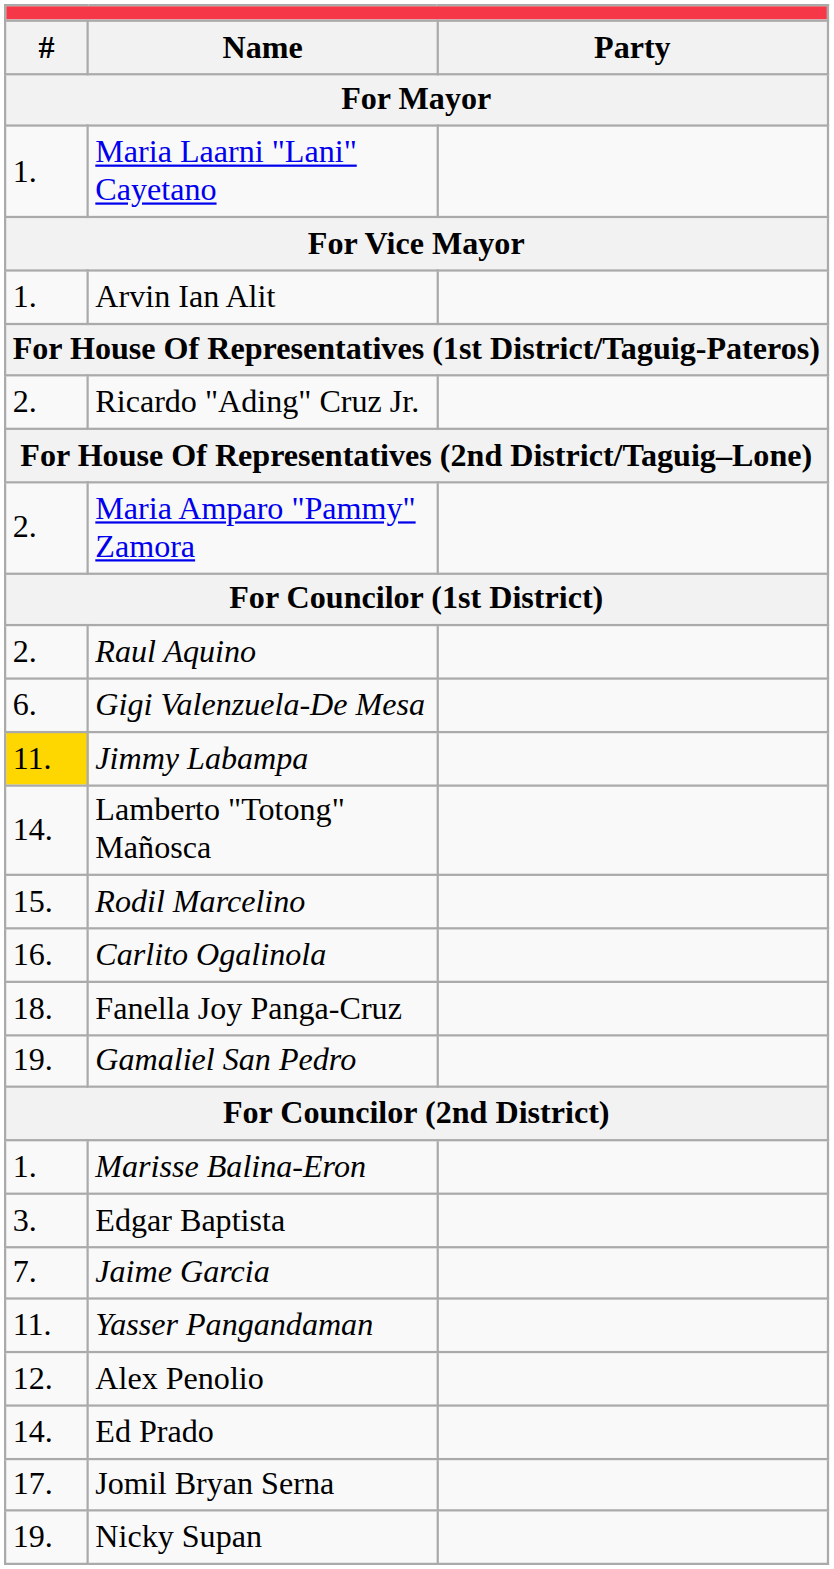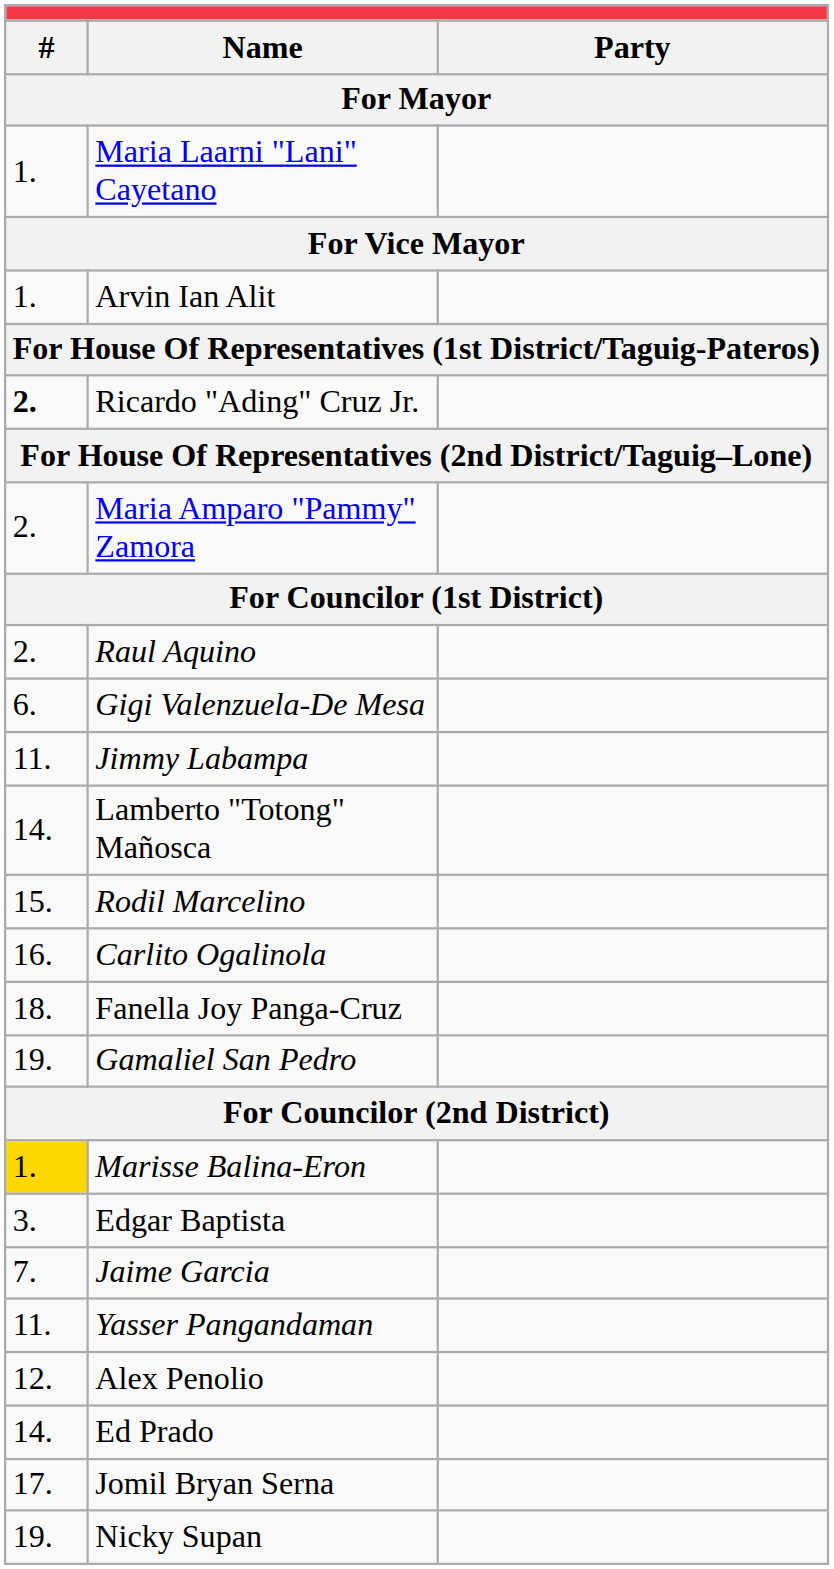 <table class=wikitable style="font-size:90%">
 <tr>
 <td colspan="4" bgcolor="#f63747"></td>
 </tr>
 <tr>
 <th>#</th>
 <th width=150px>Name</th>
 <th colspan=2 width=110px>Party</th>
 </tr>
 <tr>
 <th colspan="4">For Mayor</th>
 </tr>
 <tr>
 <td>1.</td>
 <td><a href='#'>Maria Laarni "Lani" Cayetano</a></td>
 <td></td>
 </tr>
 <tr>
 <th colspan="4">For Vice Mayor</th>
 </tr>
 <tr>
 <td>1.</td>
 <td>Arvin Ian Alit</td>
 <td></td>
 </tr>
 <tr>
 <th colspan="4">For House Of Representatives (1st District/Taguig-Pateros)</th>
 </tr>
 <tr>
-<td>2.</td>
+<td><strong>2.</strong></td>
 <td>Ricardo "Ading" Cruz Jr.</td>
 <td></td>
 </tr>
 <tr>
 <th colspan="4">For House Of Representatives (2nd District/Taguig–Lone)</th>
 </tr>
 <tr>
 <td>2.</td>
 <td><a href='#'>Maria Amparo "Pammy" Zamora</a></td>
 <td></td>
 </tr>
 <tr>
 <th colspan="4">For Councilor (1st District)</th>
 </tr>
 <tr>
 <td>2.</td>
 <td><em>Raul Aquino</em></td>
 <td></td>
 </tr>
 <tr>
 <td>6.</td>
 <td><em>Gigi Valenzuela-De Mesa</em></td>
 <td></td>
 </tr>
 <tr>
-<td style="background: gold;">11.</td>
+<td>11.</td>
 <td><em>Jimmy Labampa</em></td>
 <td></td>
 </tr>
 <tr>
 <td>14.</td>
 <td>Lamberto "Totong" Mañosca</td>
 <td></td>
 </tr>
 <tr>
 <td>15.</td>
 <td><em>Rodil Marcelino</em></td>
 <td></td>
 </tr>
 <tr>
 <td>16.</td>
 <td><em>Carlito Ogalinola</em></td>
 <td></td>
 </tr>
 <tr>
 <td>18.</td>
 <td>Fanella Joy Panga-Cruz</td>
 <td></td>
 </tr>
 <tr>
 <td>19.</td>
 <td><em>Gamaliel San Pedro</em></td>
 <td></td>
 </tr>
 <tr>
 <th colspan="4">For Councilor (2nd District)</th>
 </tr>
 <tr>
-<td>1.</td>
+<td style="background: gold;">1.</td>
 <td><em>Marisse Balina-Eron</em></td>
 <td></td>
 </tr>
 <tr>
 <td>3.</td>
 <td>Edgar Baptista</td>
 <td></td>
 </tr>
 <tr>
 <td>7.</td>
 <td><em>Jaime Garcia</em></td>
 <td></td>
 </tr>
 <tr>
 <td>11.</td>
 <td><em>Yasser Pangandaman</em></td>
 <td></td>
 </tr>
 <tr>
 <td>12.</td>
 <td>Alex Penolio</td>
 <td></td>
 </tr>
 <tr>
 <td>14.</td>
 <td>Ed Prado</td>
 <td></td>
 </tr>
 <tr>
 <td>17.</td>
 <td>Jomil Bryan Serna</td>
 <td></td>
 </tr>
 <tr>
 <td>19.</td>
 <td>Nicky Supan</td>
 <td></td>
 </tr>
 </table>
